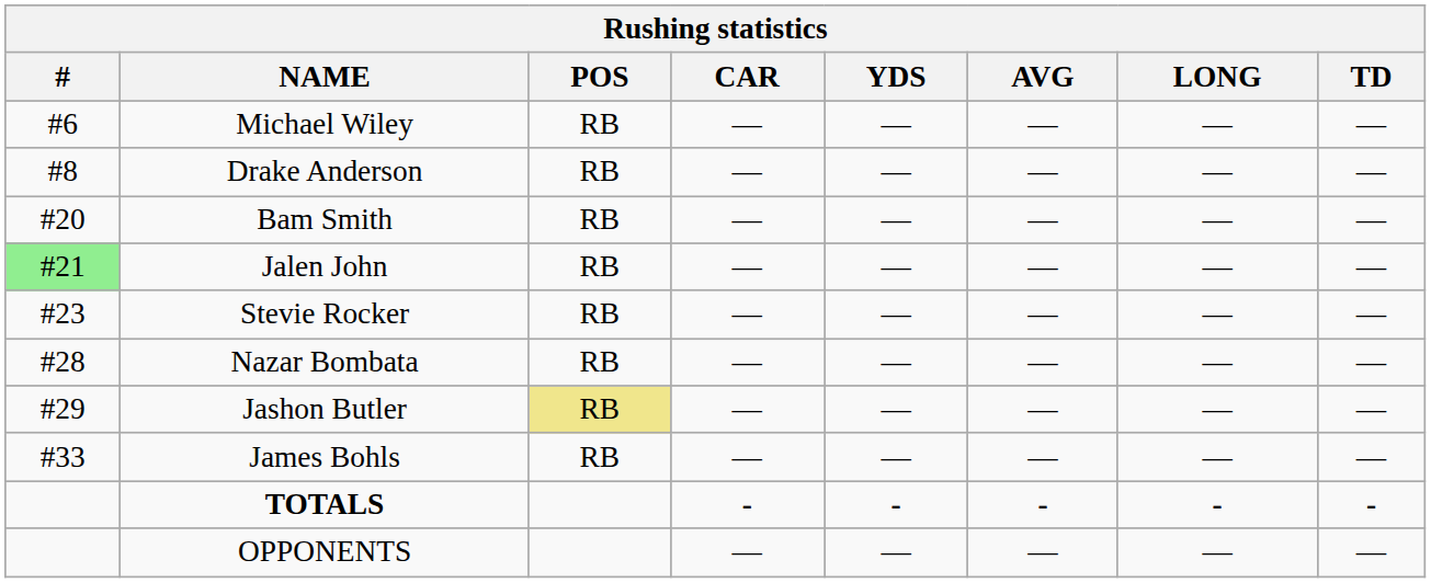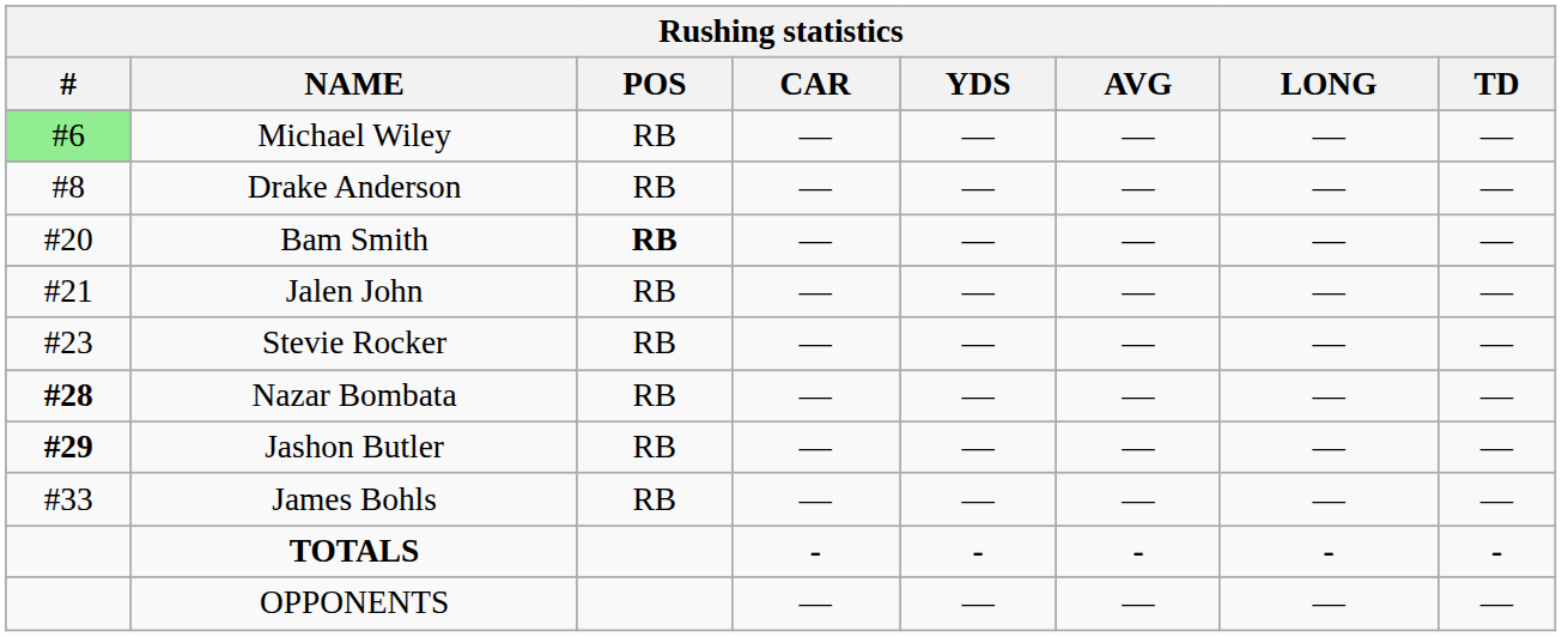 <table style="width:60%; text-align:center;" class="wikitable collapsible collapsed">
 <tr>
 <th colspan="8">Rushing statistics</th>
 </tr>
 <tr>
 <th>#</th>
 <th>NAME</th>
 <th>POS</th>
 <th>CAR</th>
 <th>YDS</th>
 <th>AVG</th>
 <th>LONG</th>
 <th>TD</th>
 </tr>
 <tr>
-<td>#6</td>
+<td style="background: lightgreen;">#6</td>
 <td>Michael Wiley</td>
 <td>RB</td>
 <td>—</td>
 <td>—</td>
 <td>—</td>
 <td>—</td>
 <td>—</td>
 </tr>
 <tr>
 <td>#8</td>
 <td>Drake Anderson</td>
 <td>RB</td>
 <td>—</td>
 <td>—</td>
 <td>—</td>
 <td>—</td>
 <td>—</td>
 </tr>
 <tr>
 <td>#20</td>
 <td>Bam Smith</td>
-<td>RB</td>
+<td><strong>RB</strong></td>
 <td>—</td>
 <td>—</td>
 <td>—</td>
 <td>—</td>
 <td>—</td>
 </tr>
 <tr>
-<td style="background: lightgreen;">#21</td>
+<td>#21</td>
 <td>Jalen John</td>
 <td>RB</td>
 <td>—</td>
 <td>—</td>
 <td>—</td>
 <td>—</td>
 <td>—</td>
 </tr>
 <tr>
 <td>#23</td>
 <td>Stevie Rocker</td>
 <td>RB</td>
 <td>—</td>
 <td>—</td>
 <td>—</td>
 <td>—</td>
 <td>—</td>
 </tr>
 <tr>
-<td>#28</td>
+<td><strong>#28</strong></td>
 <td>Nazar Bombata</td>
 <td>RB</td>
 <td>—</td>
 <td>—</td>
 <td>—</td>
 <td>—</td>
 <td>—</td>
 </tr>
 <tr>
-<td>#29</td>
+<td><strong>#29</strong></td>
 <td>Jashon Butler</td>
-<td style="background: khaki;">RB</td>
+<td>RB</td>
 <td>—</td>
 <td>—</td>
 <td>—</td>
 <td>—</td>
 <td>—</td>
 </tr>
 <tr>
 <td>#33</td>
 <td>James Bohls</td>
 <td>RB</td>
 <td>—</td>
 <td>—</td>
 <td>—</td>
 <td>—</td>
 <td>—</td>
 </tr>
 <tr>
 <td></td>
 <td><strong>TOTALS</strong></td>
 <td></td>
 <td><strong>-</strong></td>
 <td><strong>-</strong></td>
 <td><strong>-</strong></td>
 <td><strong>-</strong></td>
 <td><strong>-</strong></td>
 </tr>
 <tr>
 <td></td>
 <td>OPPONENTS</td>
 <td></td>
 <td>—</td>
 <td>—</td>
 <td>—</td>
 <td>—</td>
 <td>—</td>
 </tr>
 </table>
